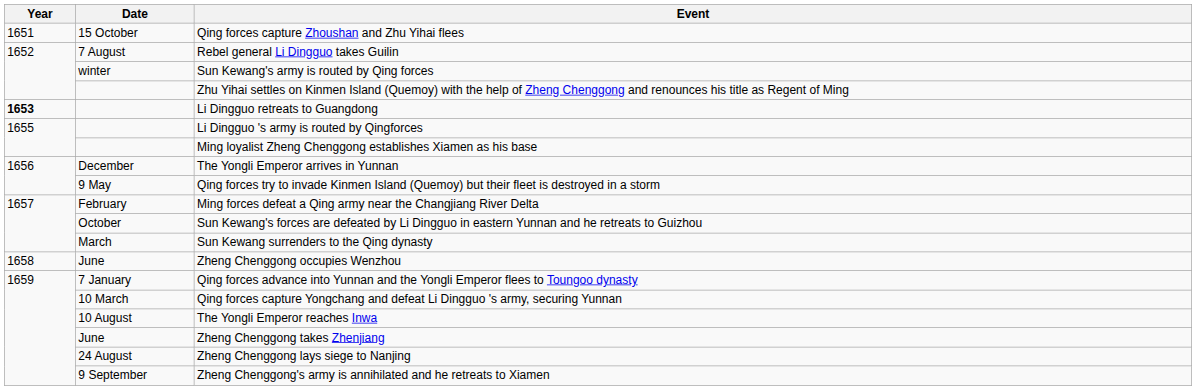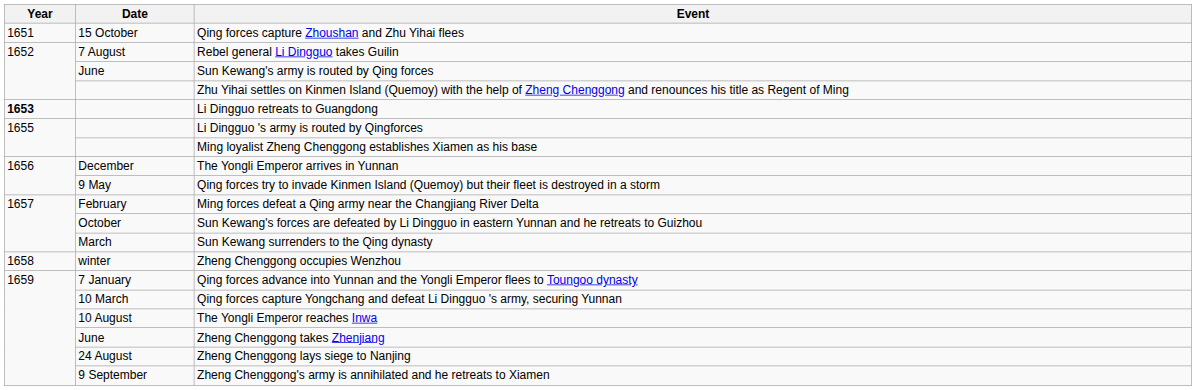 <table class="wikitable" width="100%">
 <tr>
 <th style="width:6%">Year</th>
 <th style="width:10%">Date</th>
 <th>Event</th>
 </tr>
 <tr>
 <td>1651</td>
 <td>15 October</td>
 <td>Qing forces capture <a href='#'>Zhoushan</a> and Zhu Yihai flees</td>
 </tr>
 <tr>
 <td rowspan="3" valign="top">1652</td>
 <td>7 August</td>
 <td>Rebel general <a href='#'>Li Dingguo</a> takes Guilin</td>
 </tr>
 <tr>
-<td>winter</td>
+<td>June</td>
 <td>Sun Kewang's army is routed by Qing forces</td>
 </tr>
 <tr>
 <td></td>
 <td>Zhu Yihai settles on Kinmen Island (Quemoy) with the help of <a href='#'>Zheng Chenggong</a> and renounces his title as Regent of Ming</td>
 </tr>
 <tr>
 <td><strong>1653</strong></td>
 <td></td>
 <td>Li Dingguo retreats to Guangdong</td>
 </tr>
 <tr>
 <td rowspan="2" valign="top">1655</td>
 <td></td>
 <td>Li Dingguo 's army is routed by Qingforces</td>
 </tr>
 <tr>
 <td></td>
 <td>Ming loyalist Zheng Chenggong establishes Xiamen as his base</td>
 </tr>
 <tr>
 <td rowspan="2" valign="top">1656</td>
 <td>December</td>
 <td>The Yongli Emperor  arrives in Yunnan</td>
 </tr>
 <tr>
 <td>9 May</td>
 <td>Qing forces try to invade Kinmen Island (Quemoy) but their fleet is destroyed in a storm</td>
 </tr>
 <tr>
 <td rowspan="3" valign="top">1657</td>
 <td>February</td>
 <td>Ming forces defeat a Qing army near the Changjiang River Delta</td>
 </tr>
 <tr>
 <td>October</td>
 <td>Sun Kewang's forces are defeated by Li Dingguo  in eastern Yunnan and he retreats to Guizhou</td>
 </tr>
 <tr>
 <td>March</td>
 <td>Sun Kewang surrenders to the Qing dynasty</td>
 </tr>
 <tr>
 <td>1658</td>
-<td>June</td>
+<td>winter</td>
 <td>Zheng Chenggong occupies Wenzhou</td>
 </tr>
 <tr>
 <td rowspan="6" valign="top">1659</td>
 <td>7 January</td>
 <td>Qing forces advance into Yunnan and the Yongli Emperor  flees to <a href='#'>Toungoo dynasty</a></td>
 </tr>
 <tr>
 <td>10 March</td>
 <td>Qing forces capture Yongchang and defeat Li Dingguo 's army, securing Yunnan</td>
 </tr>
 <tr>
 <td>10 August</td>
 <td>The Yongli Emperor  reaches <a href='#'>Inwa</a></td>
 </tr>
 <tr>
 <td>June</td>
 <td>Zheng Chenggong takes <a href='#'>Zhenjiang</a></td>
 </tr>
 <tr>
 <td>24 August</td>
 <td>Zheng Chenggong lays siege to Nanjing</td>
 </tr>
 <tr>
 <td>9 September</td>
 <td>Zheng Chenggong's army is annihilated and he retreats to Xiamen</td>
 </tr>
 </table>
